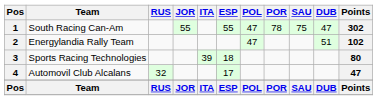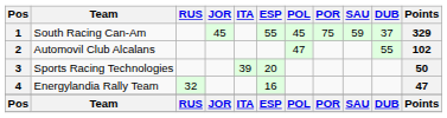 <table class="wikitable" style="font-size: 85%; text-align: center; display: inline-table;">
 <tr valign="top">
 <th valign="middle">Pos</th>
 <th valign="middle">Team</th>
 <th><a href='#'>RUS</a><br></th>
 <th><a href='#'>JOR</a><br></th>
 <th><a href='#'>ITA</a><br></th>
 <th><a href='#'>ESP</a><br></th>
 <th><a href='#'>POL</a><br></th>
 <th><a href='#'>POR</a><br></th>
 <th><a href='#'>SAU</a><br></th>
 <th><a href='#'>DUB</a><br></th>
 <th valign="middle">Points</th>
 </tr>
 <tr>
 <th>1</th>
 <td align=left>South Racing Can-Am</td>
 <td></td>
-<td style="background:#dfffdf;">55</td>
+<td style="background:#dfffdf;">45</td>
 <td></td>
 <td style="background:#dfffdf;">55</td>
-<td style="background:#dfffdf;">47</td>
-<td style="background:#dfffdf;">78</td>
+<td style="background:#dfffdf;">45</td>
 <td style="background:#dfffdf;">75</td>
-<td style="background:#dfffdf;">47</td>
-<th>302</th>
+<td style="background:#dfffdf;">59</td>
+<td style="background:#dfffdf;">37</td>
+<th>329</th>
 </tr>
 <tr>
 <th>2</th>
-<td align=left>Energylandia Rally Team</td>
+<td align=left>Automovil Club Alcalans</td>
 <td></td>
 <td></td>
 <td></td>
 <td></td>
 <td style="background:#dfffdf;">47</td>
 <td></td>
 <td></td>
-<td style="background:#dfffdf;">51</td>
+<td style="background:#dfffdf;">55</td>
 <th>102</th>
 </tr>
 <tr>
 <th>3</th>
 <td align=left>Sports Racing Technologies</td>
 <td></td>
 <td></td>
 <td style="background:#dfffdf;">39</td>
-<td style="background:#dfffdf;">18</td>
+<td style="background:#dfffdf;">20</td>
 <td></td>
 <td></td>
 <td></td>
 <td></td>
-<th>80</th>
+<th>50</th>
 </tr>
 <tr>
 <th>4</th>
-<td align=left>Automovil Club Alcalans</td>
+<td align=left>Energylandia Rally Team</td>
 <td style="background:#dfffdf;">32</td>
 <td></td>
 <td></td>
-<td style="background:#dfffdf;">17</td>
+<td style="background:#dfffdf;">16</td>
 <td></td>
 <td></td>
 <td></td>
 <td></td>
 <th>47</th>
 </tr>
 <tr>
 </tr>
 <tr valign="top">
 <th valign="middle">Pos</th>
 <th valign="middle">Team</th>
 <th><a href='#'>RUS</a><br></th>
 <th><a href='#'>JOR</a><br></th>
 <th><a href='#'>ITA</a><br></th>
 <th><a href='#'>ESP</a><br></th>
 <th><a href='#'>POL</a><br></th>
 <th><a href='#'>POR</a><br></th>
 <th><a href='#'>SAU</a><br></th>
 <th><a href='#'>DUB</a><br></th>
 <th valign="middle">Points</th>
 </tr>
 <tr>
 </tr>
 </table>
